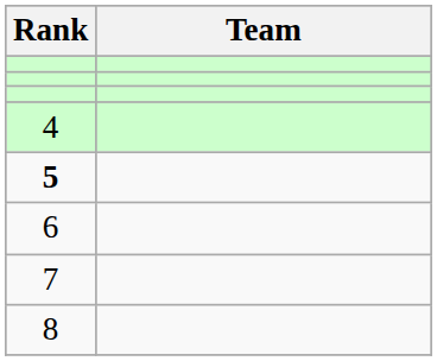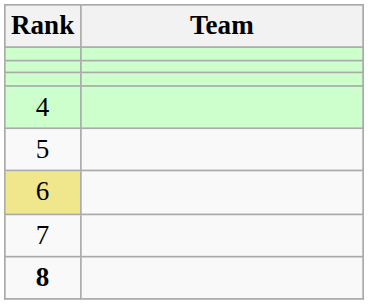 <table class=wikitable style="text-align:center;">
 <tr>
 <th>Rank</th>
 <th width=160>Team</th>
 </tr>
 <tr bgcolor=#ccffcc>
 <td></td>
 <td align=left></td>
 </tr>
 <tr bgcolor=#ccffcc>
 <td></td>
 <td align=left></td>
 </tr>
 <tr bgcolor=#ccffcc>
 <td></td>
 <td align=left></td>
 </tr>
 <tr bgcolor=#ccffcc>
 <td>4</td>
 <td align=left></td>
 </tr>
 <tr>
-<td><strong>5</strong></td>
+<td>5</td>
 <td align=left></td>
 </tr>
 <tr>
-<td>6</td>
+<td style="background: khaki;">6</td>
 <td align=left></td>
 </tr>
 <tr>
 <td>7</td>
 <td align=left></td>
 </tr>
 <tr>
-<td>8</td>
+<td><strong>8</strong></td>
 <td align=left></td>
 </tr>
 </table>
